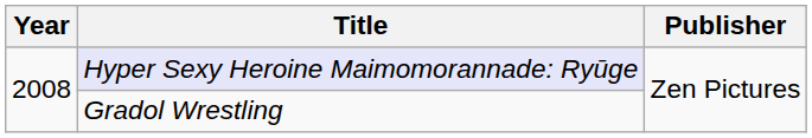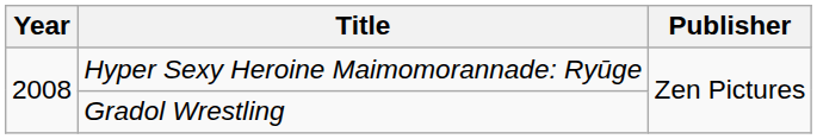 <table class="wikitable">
 <tr>
 <th>Year</th>
 <th>Title</th>
 <th>Publisher</th>
 </tr>
 <tr>
 <td rowspan="2">2008</td>
-<td style="background: lavender;"><em>Hyper Sexy Heroine Maimomorannade: Ryūge</em></td>
+<td><em>Hyper Sexy Heroine Maimomorannade: Ryūge</em></td>
 <td rowspan="2">Zen Pictures</td>
 </tr>
 <tr>
 <td><em>Gradol Wrestling</em></td>
 </tr>
 </table>
